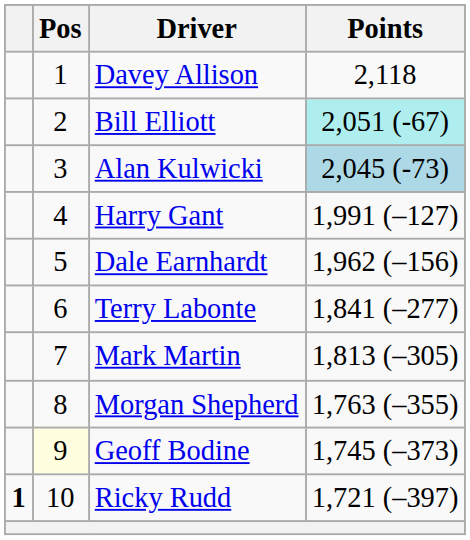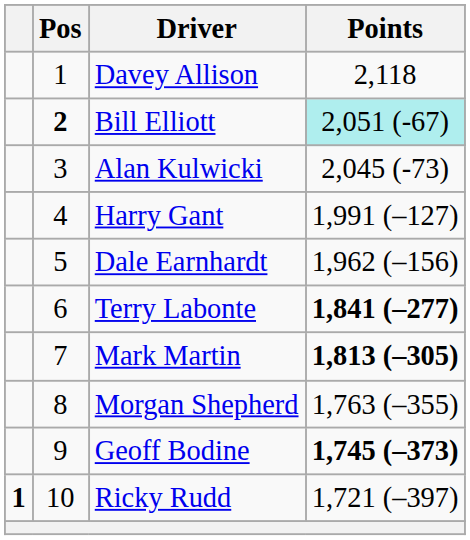 <table class="wikitable" style="font-size: 95%;">
 <tr>
 <th></th>
 <th>Pos</th>
 <th>Driver</th>
 <th>Points</th>
 </tr>
 <tr>
 <td align="left"></td>
 <td style="text-align:center;">1</td>
 <td><a href='#'>Davey Allison</a></td>
 <td style="text-align:center;">2,118</td>
 </tr>
 <tr>
 <td align="left"></td>
-<td style="text-align:center;">2</td>
+<td style="text-align:center;"><strong>2</strong></td>
 <td><a href='#'>Bill Elliott</a></td>
 <td style="background: paleturquoise; text-align:center;">2,051 (-67)</td>
 </tr>
 <tr>
 <td align="left"></td>
 <td style="text-align:center;">3</td>
 <td><a href='#'>Alan Kulwicki</a></td>
-<td style="background: lightblue; text-align:center;">2,045 (-73)</td>
+<td style="text-align:center;">2,045 (-73)</td>
 </tr>
 <tr>
 <td align="left"></td>
 <td style="text-align:center;">4</td>
 <td><a href='#'>Harry Gant</a></td>
 <td style="text-align:center;">1,991 (–127)</td>
 </tr>
 <tr>
 <td align="left"></td>
 <td style="text-align:center;">5</td>
 <td><a href='#'>Dale Earnhardt</a></td>
 <td style="text-align:center;">1,962 (–156)</td>
 </tr>
 <tr>
 <td align="left"></td>
 <td style="text-align:center;">6</td>
 <td><a href='#'>Terry Labonte</a></td>
-<td style="text-align:center;">1,841 (–277)</td>
+<td style="text-align:center;"><strong>1,841 (–277)</strong></td>
 </tr>
 <tr>
 <td align="left"></td>
 <td style="text-align:center;">7</td>
 <td><a href='#'>Mark Martin</a></td>
-<td style="text-align:center;">1,813 (–305)</td>
+<td style="text-align:center;"><strong>1,813 (–305)</strong></td>
 </tr>
 <tr>
 <td align="left"></td>
 <td style="text-align:center;">8</td>
 <td><a href='#'>Morgan Shepherd</a></td>
 <td style="text-align:center;">1,763 (–355)</td>
 </tr>
 <tr>
 <td align="left"></td>
-<td style="background: lightyellow; text-align:center;">9</td>
+<td style="text-align:center;">9</td>
 <td><a href='#'>Geoff Bodine</a></td>
-<td style="text-align:center;">1,745 (–373)</td>
+<td style="text-align:center;"><strong>1,745 (–373)</strong></td>
 </tr>
 <tr>
 <td align="left"> <strong>1</strong></td>
 <td style="text-align:center;">10</td>
 <td><a href='#'>Ricky Rudd</a></td>
 <td style="text-align:center;">1,721 (–397)</td>
 </tr>
 <tr class="sortbottom">
 <th colspan="9"></th>
 </tr>
 </table>
